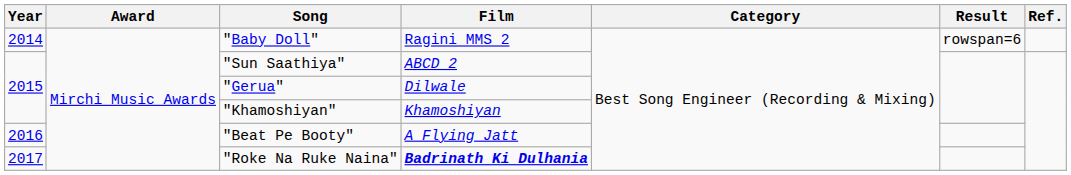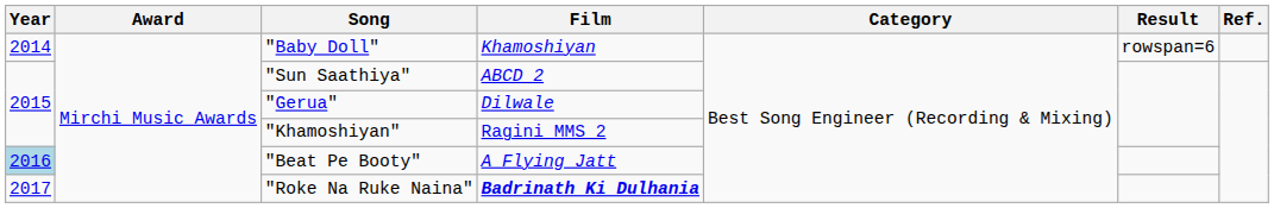 <table class="wikitable sortable">
 <tr>
 <th>Year</th>
 <th>Award</th>
 <th>Song</th>
 <th>Film</th>
 <th>Category</th>
 <th>Result</th>
 <th>Ref.</th>
 </tr>
 <tr>
 <td><a href='#'>2014</a></td>
 <td rowspan=6><a href='#'>Mirchi Music Awards</a></td>
 <td>"<a href='#'>Baby Doll</a>"</td>
-<td><a href='#'>Ragini MMS 2</a></td>
+<td><em><a href='#'>Khamoshiyan</a></em></td>
 <td rowspan=6>Best Song Engineer (Recording & Mixing)</td>
 <td>rowspan=6 </td>
 <td></td>
 </tr>
 <tr>
 <td rowspan=3><a href='#'>2015</a></td>
 <td>"Sun Saathiya"</td>
 <td><em><a href='#'>ABCD 2</a></em></td>
 <td rowspan=3></td>
 </tr>
 <tr>
 <td>"<a href='#'>Gerua</a>"</td>
 <td><em><a href='#'>Dilwale</a></em></td>
 </tr>
 <tr>
 <td>"Khamoshiyan"</td>
-<td><em><a href='#'>Khamoshiyan</a></em></td>
+<td><a href='#'>Ragini MMS 2</a></td>
 </tr>
 <tr>
-<td><a href='#'>2016</a></td>
+<td style="background: lightblue;"><a href='#'>2016</a></td>
 <td>"Beat Pe Booty"</td>
 <td><em><a href='#'>A Flying Jatt</a></em></td>
 <td></td>
 </tr>
 <tr>
 <td><a href='#'>2017</a></td>
 <td>"Roke Na Ruke Naina"</td>
 <td><strong><em><a href='#'>Badrinath Ki Dulhania</a></em></strong></td>
 <td></td>
 </tr>
 </table>
